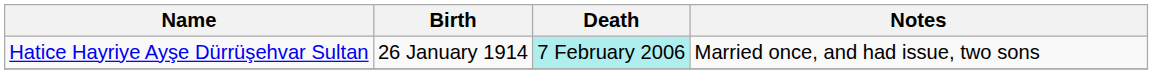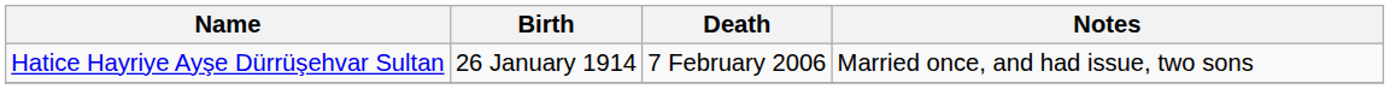 <table class="wikitable">
 <tr>
 <th>Name</th>
 <th>Birth</th>
 <th>Death</th>
 <th style="width:40%;">Notes</th>
 </tr>
 <tr>
 <td><a href='#'>Hatice Hayriye Ayşe Dürrüşehvar Sultan</a></td>
 <td>26 January 1914 </td>
-<td style="background: paleturquoise;">7 February 2006</td>
+<td>7 February 2006</td>
 <td>Married once, and had issue, two sons</td>
 </tr>
 <tr>
 </tr>
 </table>
